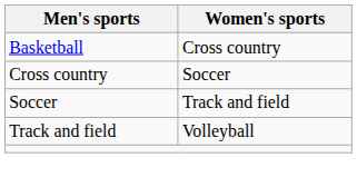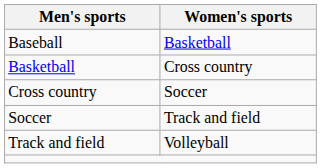 <table class="wikitable"; style= "text-align: ">
 <tr>
 <th width=150px>Men's sports</th>
 <th width=150px>Women's sports</th>
+</tr>
+<tr>
+<td>Baseball</td>
+<td><a href='#'>Basketball</a></td>
 </tr>
 <tr>
 <td><a href='#'>Basketball</a></td>
 <td>Cross country</td>
 </tr>
 <tr>
 <td>Cross country</td>
 <td>Soccer</td>
 </tr>
 <tr>
 <td>Soccer</td>
 <td>Track and field</td>
 </tr>
 <tr>
 <td>Track and field</td>
 <td>Volleyball</td>
 </tr>
 <tr>
 <td colspan="2"></td>
 </tr>
 </table>
